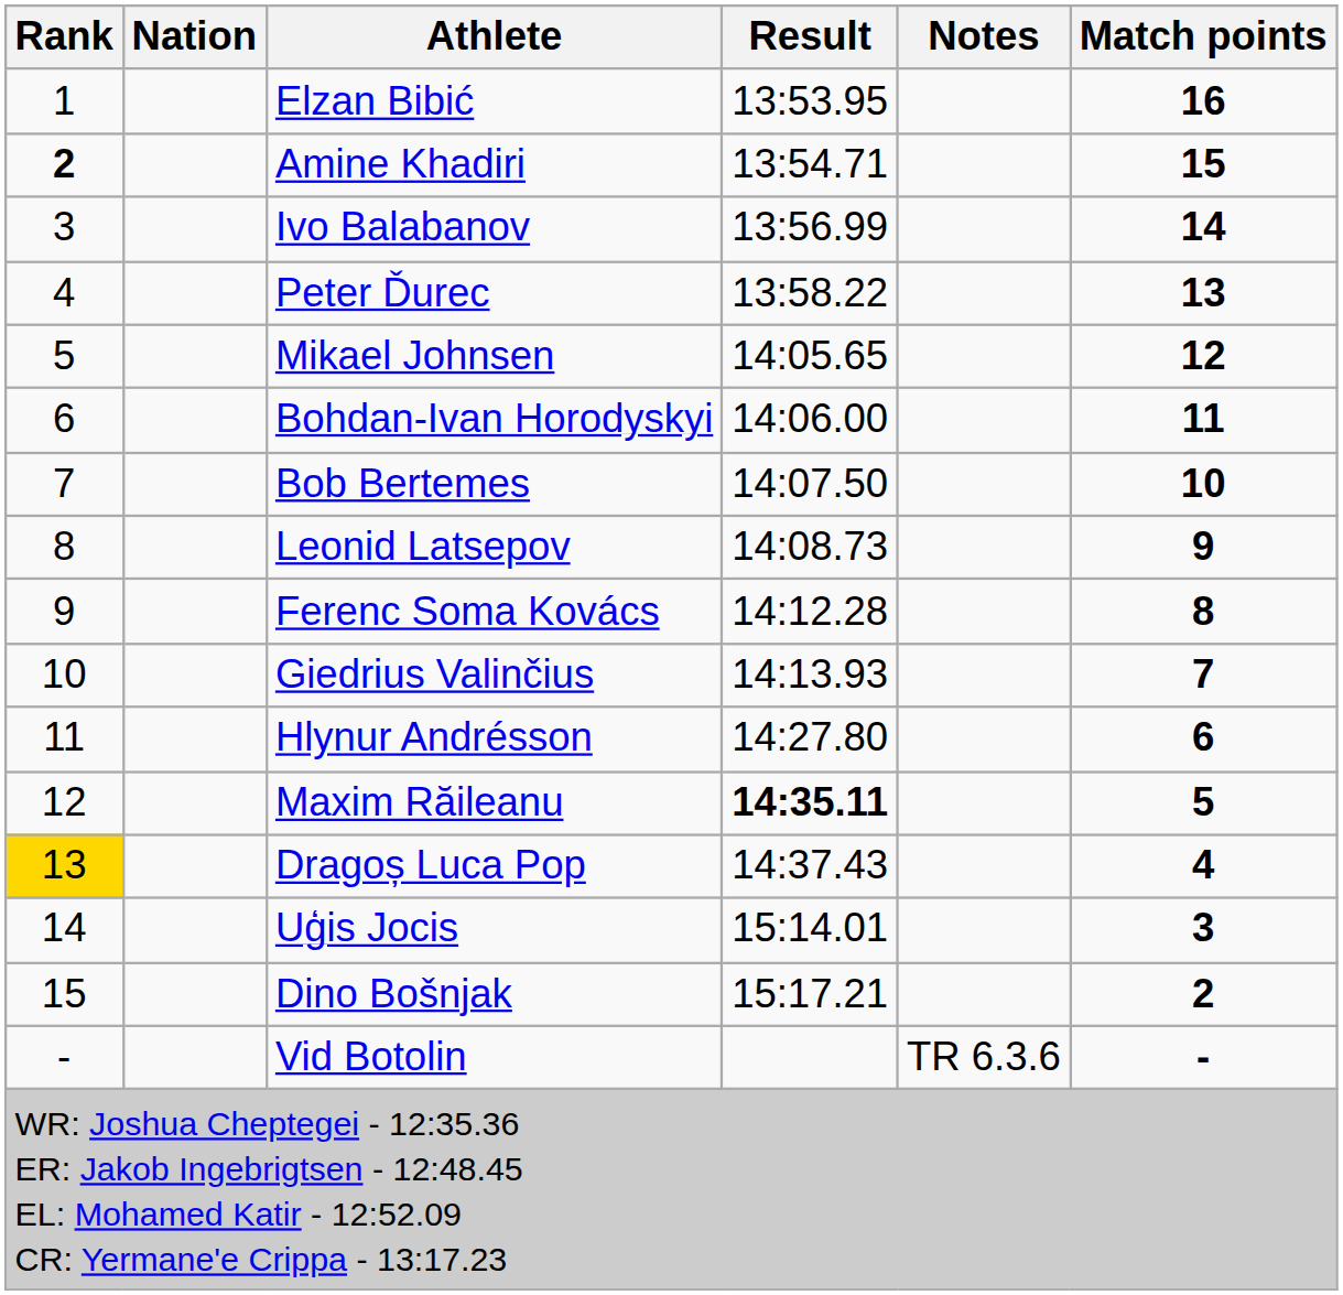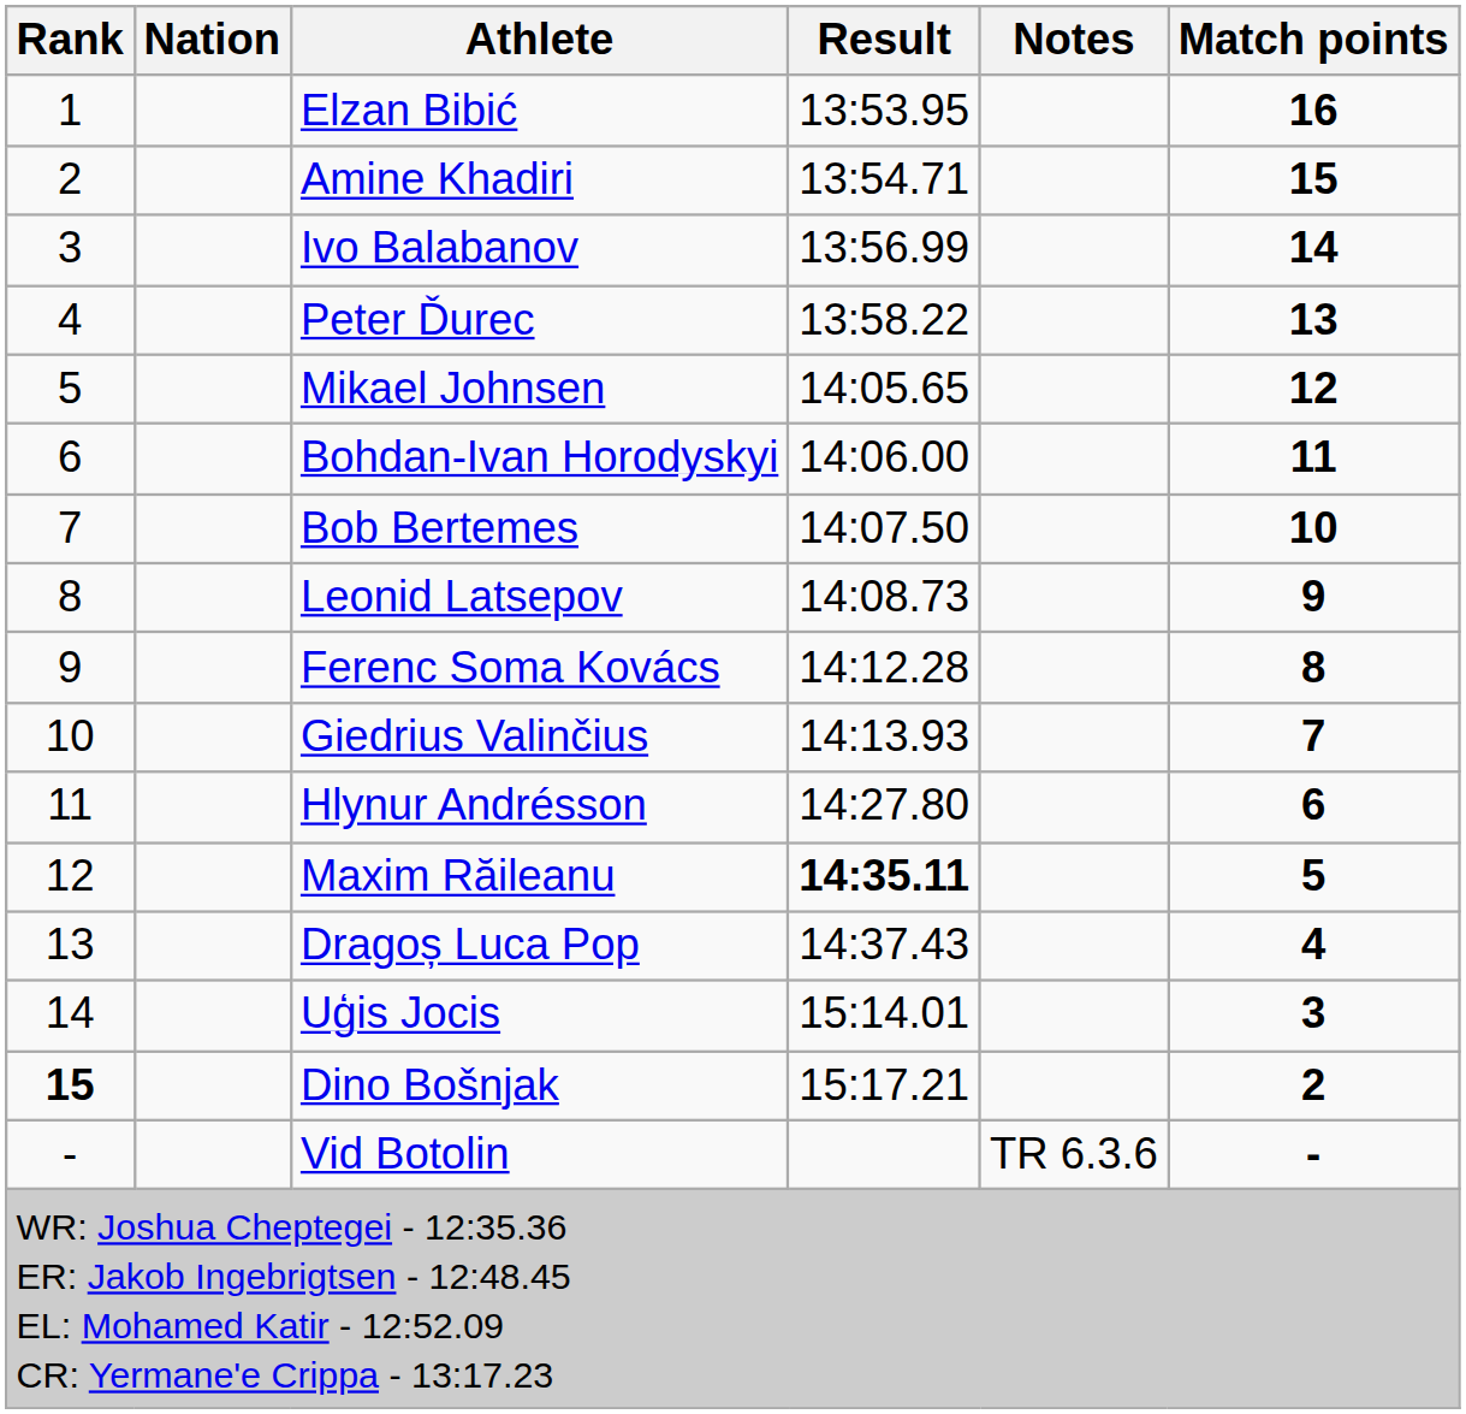 <table class="wikitable sortable" style="text-align:left;">
 <tr>
 <th>Rank</th>
 <th>Nation</th>
 <th>Athlete</th>
 <th>Result</th>
 <th>Notes</th>
 <th>Match points</th>
 </tr>
 <tr>
 <td align=center>1</td>
 <td></td>
 <td><a href='#'>Elzan Bibić</a></td>
 <td align=center>13:53.95</td>
 <td align=center></td>
 <td align=center><strong>16</strong></td>
 </tr>
 <tr>
-<td align=center><strong>2</strong></td>
+<td align=center>2</td>
 <td></td>
 <td><a href='#'>Amine Khadiri</a></td>
 <td align=center>13:54.71</td>
 <td align=center></td>
 <td align=center><strong>15</strong></td>
 </tr>
 <tr>
 <td align=center>3</td>
 <td></td>
 <td><a href='#'>Ivo Balabanov</a></td>
 <td align=center>13:56.99</td>
 <td align=center></td>
 <td align=center><strong>14</strong></td>
 </tr>
 <tr>
 <td align=center>4</td>
 <td></td>
 <td><a href='#'>Peter Ďurec</a></td>
 <td align=center>13:58.22</td>
 <td align=center></td>
 <td align=center><strong>13</strong></td>
 </tr>
 <tr>
 <td align=center>5</td>
 <td></td>
 <td><a href='#'>Mikael Johnsen</a></td>
 <td align=center>14:05.65</td>
 <td></td>
 <td align=center><strong>12</strong></td>
 </tr>
 <tr>
 <td align=center>6</td>
 <td></td>
 <td><a href='#'>Bohdan-Ivan Horodyskyi</a></td>
 <td align=center>14:06.00</td>
 <td></td>
 <td align=center><strong>11</strong></td>
 </tr>
 <tr>
 <td align=center>7</td>
 <td></td>
 <td><a href='#'>Bob Bertemes</a></td>
 <td align=center>14:07.50</td>
 <td align=center></td>
 <td align=center><strong>10</strong></td>
 </tr>
 <tr>
 <td align=center>8</td>
 <td></td>
 <td><a href='#'>Leonid Latsepov</a></td>
 <td align=center>14:08.73</td>
 <td align=center></td>
 <td align=center><strong>9</strong></td>
 </tr>
 <tr>
 <td align=center>9</td>
 <td></td>
 <td><a href='#'>Ferenc Soma Kovács</a></td>
 <td align=center>14:12.28</td>
 <td align=center></td>
 <td align=center><strong>8</strong></td>
 </tr>
 <tr>
 <td align=center>10</td>
 <td></td>
 <td><a href='#'>Giedrius Valinčius</a></td>
 <td align=center>14:13.93</td>
 <td></td>
 <td align=center><strong>7</strong></td>
 </tr>
 <tr>
 <td align=center>11</td>
 <td></td>
 <td><a href='#'>Hlynur Andrésson</a></td>
 <td align=center>14:27.80</td>
 <td align=center></td>
 <td align=center><strong>6</strong></td>
 </tr>
 <tr>
 <td align=center>12</td>
 <td></td>
 <td><a href='#'>Maxim Răileanu</a></td>
 <td align=center><strong>14:35.11</strong></td>
 <td align=center></td>
 <td align=center><strong>5</strong></td>
 </tr>
 <tr>
-<td align=center style="background: gold;">13</td>
+<td align=center>13</td>
 <td></td>
 <td><a href='#'>Dragoș Luca Pop</a></td>
 <td align=center>14:37.43</td>
 <td></td>
 <td align=center><strong>4</strong></td>
 </tr>
 <tr>
 <td align=center>14</td>
 <td></td>
 <td><a href='#'>Uģis Jocis</a></td>
 <td align=center>15:14.01</td>
 <td></td>
 <td align=center><strong>3</strong></td>
 </tr>
 <tr>
-<td align=center>15</td>
+<td align=center><strong>15</strong></td>
 <td></td>
 <td><a href='#'>Dino Bošnjak</a></td>
 <td align=center>15:17.21</td>
 <td></td>
 <td align=center><strong>2</strong></td>
 </tr>
 <tr>
 <td align=center>-</td>
 <td></td>
 <td><a href='#'>Vid Botolin</a></td>
 <td align=center></td>
 <td align=center>TR 6.3.6</td>
 <td align=center><strong>-</strong></td>
 </tr>
 <tr>
 <td colspan="6" bgcolor="#cccccc"><small>WR:  <a href='#'>Joshua Cheptegei</a> - 12:35.36<br>ER:  <a href='#'>Jakob Ingebrigtsen</a> - 12:48.45<br></small><small>EL:   <a href='#'>Mohamed Katir</a> - 12:52.09<br>CR:  <a href='#'>Yermane'e Crippa</a> - 13:17.23</small></td>
 </tr>
 </table>
